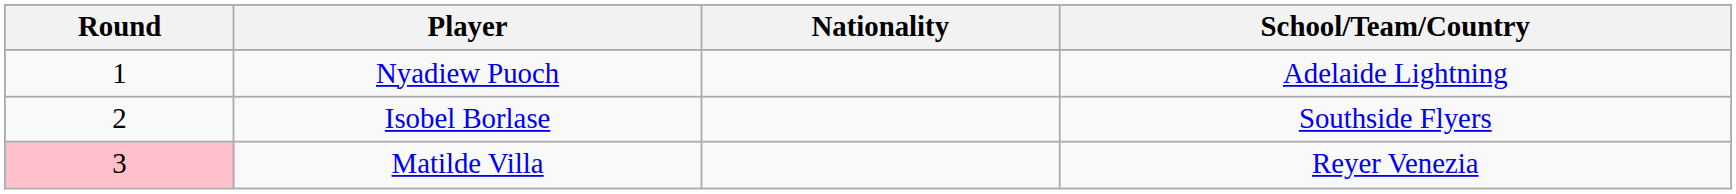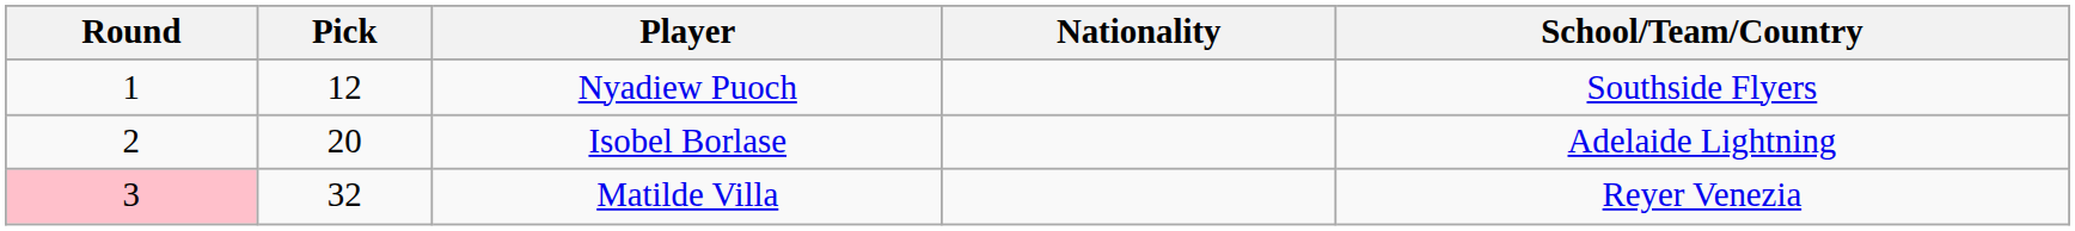 <table class="wikitable" style="text-align:center; width:60em">
 <tr>
 <th>Round</th>
+<th>Pick</th>
 <th>Player</th>
 <th>Nationality</th>
 <th>School/Team/Country</th>
 </tr>
 <tr>
 <td>1</td>
+<td>12</td>
 <td><a href='#'>Nyadiew Puoch</a></td>
+<td></td>
+<td><a href='#'>Southside Flyers</a> </td>
+</tr>
+<tr>
+<td>2</td>
+<td>20</td>
+<td><a href='#'>Isobel Borlase</a></td>
 <td></td>
 <td><a href='#'>Adelaide Lightning</a> </td>
 </tr>
 <tr>
-<td>2</td>
-<td><a href='#'>Isobel Borlase</a></td>
-<td></td>
-<td><a href='#'>Southside Flyers</a> </td>
-</tr>
-<tr>
 <td style="background: pink;">3</td>
+<td>32</td>
 <td><a href='#'>Matilde Villa</a></td>
 <td></td>
 <td><a href='#'>Reyer Venezia</a> </td>
 </tr>
 </table>
